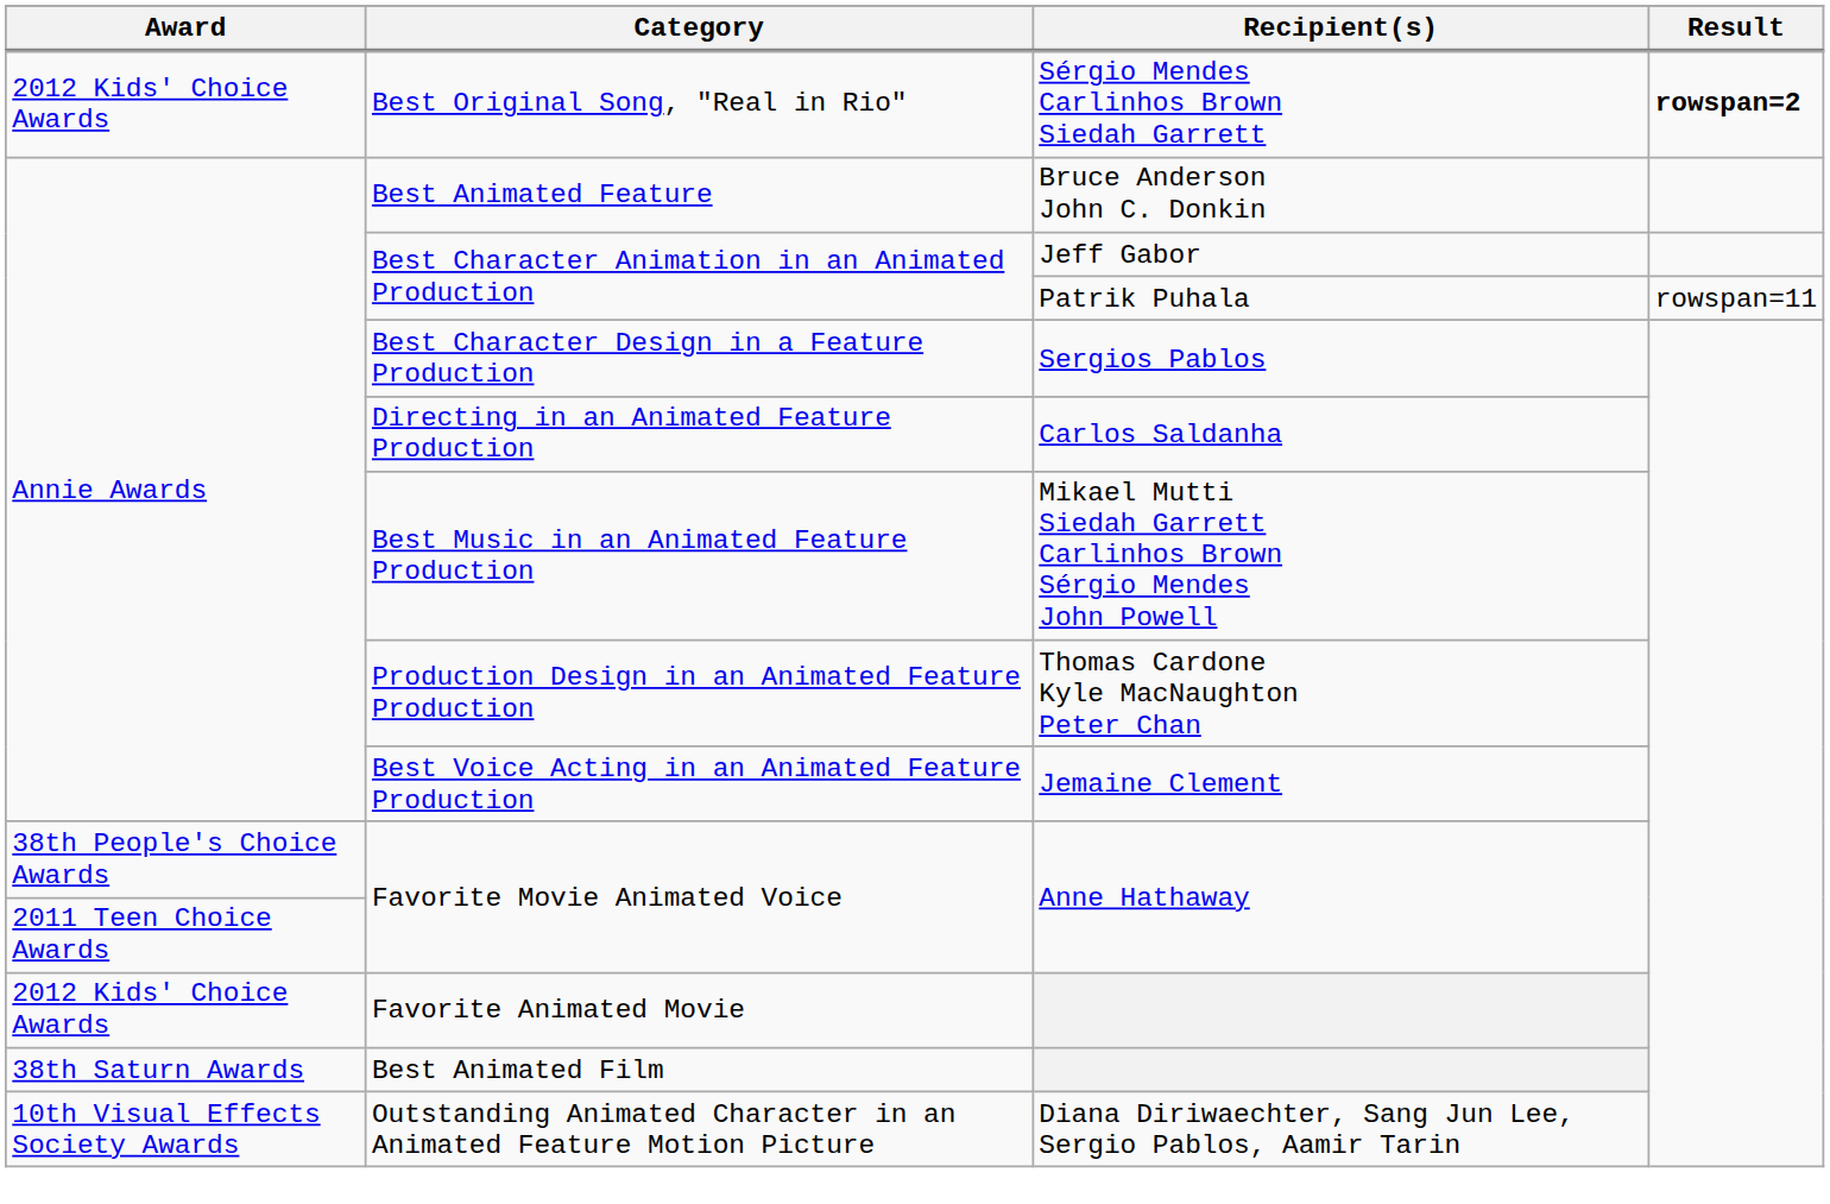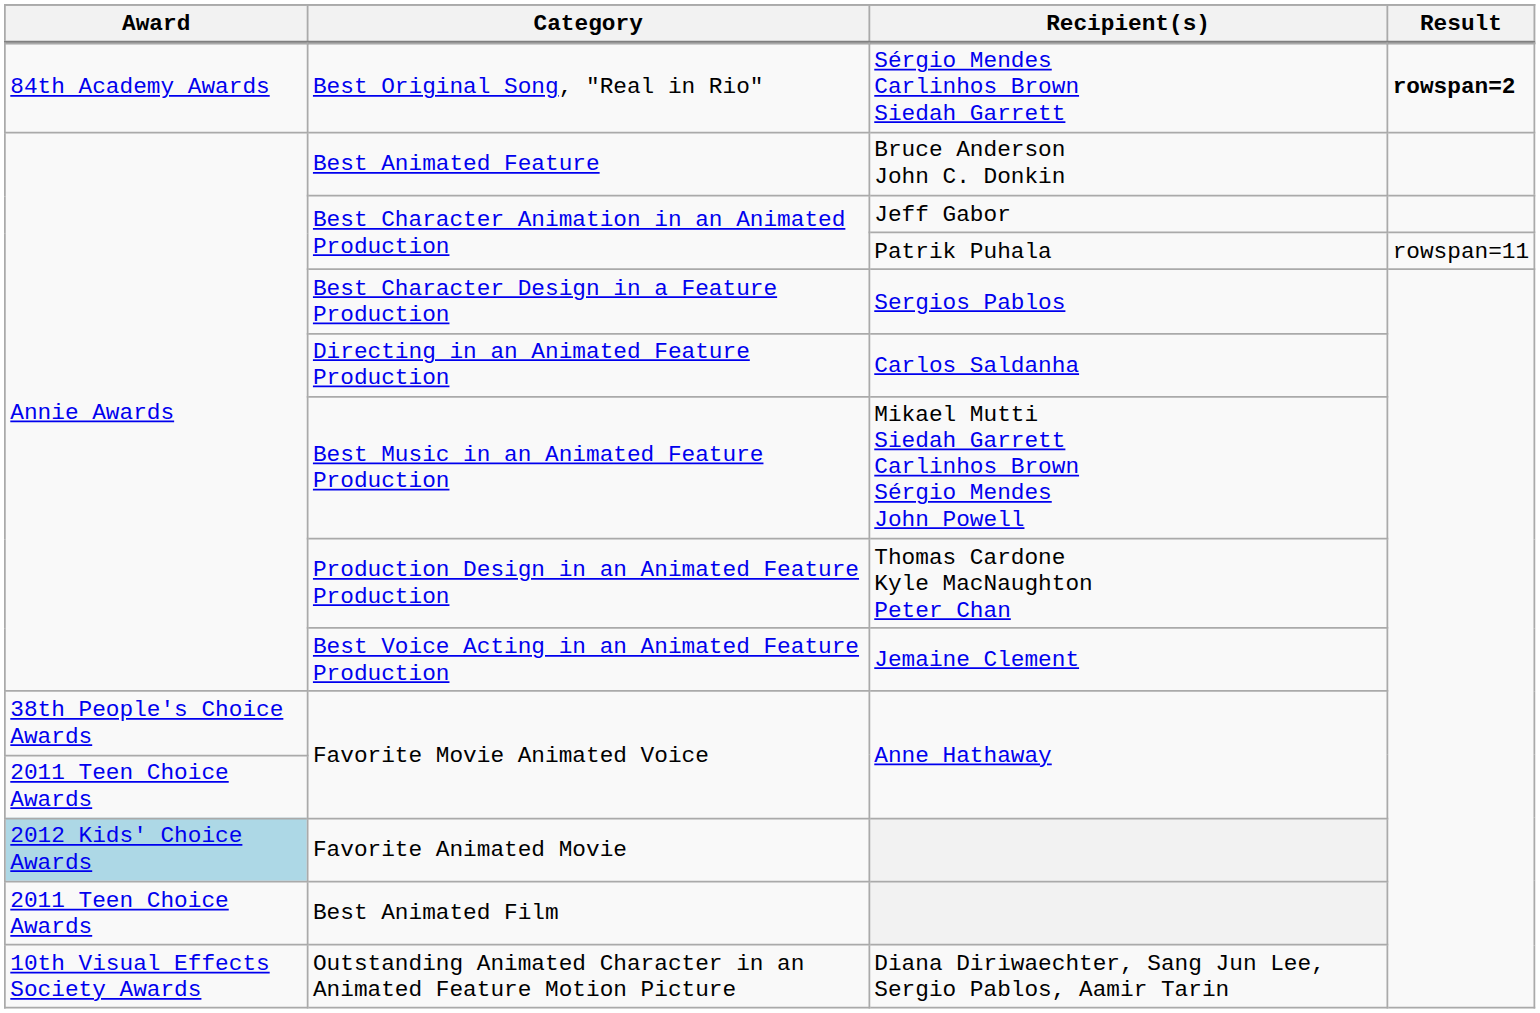 <table class="wikitable sortable" width="99%">
 <tr style="background:#ccc; vertical-align:bottom;">
 </tr>
 <tr style="background:#ccc; text-align:center;">
 <th>Award</th>
 <th>Category</th>
 <th>Recipient(s)</th>
 <th>Result</th>
 </tr>
 <tr style="border-top:2px solid gray;">
 </tr>
 <tr>
 </tr>
 <tr>
-<td><a href='#'>2012 Kids' Choice Awards</a></td>
+<td><a href='#'>84th Academy Awards</a></td>
 <td><a href='#'>Best Original Song</a>, "Real in Rio"</td>
 <td><a href='#'>Sérgio Mendes</a><br><a href='#'>Carlinhos Brown</a><br><a href='#'>Siedah Garrett</a></td>
 <td><strong>rowspan=2 </strong></td>
 </tr>
 <tr>
 <td style="border-top:10px black" rowspan="8"><a href='#'>Annie Awards</a></td>
 <td><a href='#'>Best Animated Feature</a></td>
 <td>Bruce Anderson<br>John C. Donkin</td>
 </tr>
 <tr>
 <td rowspan="2"><a href='#'>Best Character Animation in an Animated Production</a></td>
 <td>Jeff Gabor</td>
 <td></td>
 </tr>
 <tr>
 <td>Patrik Puhala</td>
 <td>rowspan=11 </td>
 </tr>
 <tr>
 <td><a href='#'>Best Character Design in a Feature Production</a></td>
 <td><a href='#'>Sergios Pablos</a></td>
 </tr>
 <tr>
 <td><a href='#'>Directing in an Animated Feature Production</a></td>
 <td><a href='#'>Carlos Saldanha</a></td>
 </tr>
 <tr>
 <td><a href='#'>Best Music in an Animated Feature Production</a></td>
 <td>Mikael Mutti<br><a href='#'>Siedah Garrett</a><br><a href='#'>Carlinhos Brown</a><br><a href='#'>Sérgio Mendes</a><br><a href='#'>John Powell</a></td>
 </tr>
 <tr>
 <td><a href='#'>Production Design in an Animated Feature Production</a></td>
 <td>Thomas Cardone<br>Kyle MacNaughton<br><a href='#'>Peter Chan</a></td>
 </tr>
 <tr>
 <td><a href='#'>Best Voice Acting in an Animated Feature Production</a></td>
 <td><a href='#'>Jemaine Clement</a></td>
 </tr>
 <tr>
 <td><a href='#'>38th People's Choice Awards</a></td>
 <td rowspan="2">Favorite Movie Animated Voice</td>
 <td rowspan="2"><a href='#'>Anne Hathaway</a></td>
 </tr>
 <tr>
 <td><a href='#'>2011 Teen Choice Awards</a></td>
 </tr>
 <tr>
-<td><a href='#'>2012 Kids' Choice Awards</a></td>
+<td style="background: lightblue;"><a href='#'>2012 Kids' Choice Awards</a></td>
 <td>Favorite Animated Movie</td>
 <th></th>
 </tr>
 <tr>
-<td><a href='#'>38th Saturn Awards</a></td>
+<td><a href='#'>2011 Teen Choice Awards</a></td>
 <td>Best Animated Film</td>
 <th></th>
 </tr>
 <tr>
 <td><a href='#'>10th Visual Effects Society Awards</a></td>
 <td>Outstanding Animated Character in an Animated Feature Motion Picture</td>
 <td>Diana Diriwaechter, Sang Jun Lee, Sergio Pablos, Aamir Tarin</td>
 </tr>
 </table>
